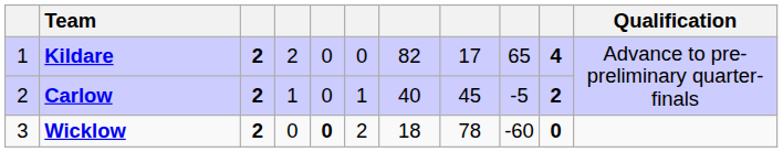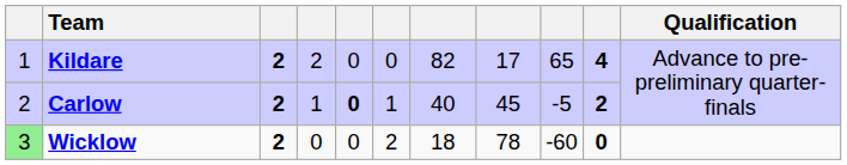 <table class="wikitable" style="text-align:center">
 <tr>
 <th width="20"></th>
 <th width="150" style="text-align:left;">Team</th>
 <th width="20"></th>
 <th width="20"></th>
 <th width="20"></th>
 <th width="20"></th>
 <th width="40"></th>
 <th width="40"></th>
 <th width="20"></th>
 <th width="20"></th>
 <th>Qualification</th>
 </tr>
 <tr style="background:#ccccff">
 <td>1</td>
 <td align="left"><strong> <a href='#'>Kildare</a> </strong></td>
 <td><strong>2</strong></td>
 <td>2</td>
 <td>0</td>
 <td>0</td>
 <td>82</td>
 <td>17</td>
 <td>65</td>
 <td><strong>4</strong></td>
 <td rowspan="2">Advance to pre-preliminary quarter-finals</td>
 </tr>
 <tr style="background:#ccccff">
 <td>2</td>
 <td align="left"><strong> <a href='#'>Carlow</a> </strong></td>
 <td><strong>2</strong></td>
 <td>1</td>
-<td>0</td>
+<td><strong>0</strong></td>
 <td>1</td>
 <td>40</td>
 <td>45</td>
 <td>-5</td>
 <td><strong>2</strong></td>
 </tr>
 <tr>
-<td>3</td>
+<td style="background: lightgreen;">3</td>
 <td align="left"><strong> <a href='#'>Wicklow</a> </strong></td>
 <td><strong>2</strong></td>
 <td>0</td>
-<td><strong>0</strong></td>
+<td>0</td>
 <td>2</td>
 <td>18</td>
 <td>78</td>
 <td>-60</td>
 <td><strong>0</strong></td>
 <td></td>
 </tr>
 </table>
